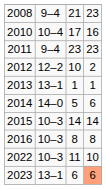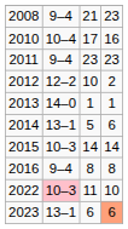 <table class="wikitable" style="font-size: 90%; text-align:center">
 <tr>
 </tr>
 <tr>
 <td>2008</td>
 <td>9–4</td>
 <td>21</td>
 <td>23</td>
 </tr>
 <tr>
 <td>2010</td>
 <td>10–4</td>
 <td>17</td>
 <td>16</td>
 </tr>
 <tr>
 <td>2011</td>
 <td>9–4</td>
 <td>23</td>
 <td>23</td>
 </tr>
 <tr>
 <td>2012</td>
 <td>12–2</td>
 <td>10</td>
 <td>2</td>
 </tr>
 <tr>
 <td>2013</td>
-<td>13–1</td>
+<td>14–0</td>
 <td>1</td>
 <td>1</td>
 </tr>
 <tr>
 <td>2014</td>
-<td>14–0</td>
+<td>13–1</td>
 <td>5</td>
 <td>6</td>
 </tr>
 <tr>
 <td>2015</td>
 <td>10–3</td>
 <td>14</td>
 <td>14</td>
 </tr>
 <tr>
 <td>2016</td>
-<td>10–3</td>
+<td>9–4</td>
 <td>8</td>
 <td>8</td>
 </tr>
 <tr>
 <td>2022</td>
-<td>10–3</td>
+<td style="background: pink;">10–3</td>
 <td>11</td>
 <td>10</td>
 </tr>
 <tr>
 <td>2023</td>
 <td>13–1</td>
 <td>6</td>
 <td style="background: lightsalmon;">6</td>
 </tr>
 </table>
